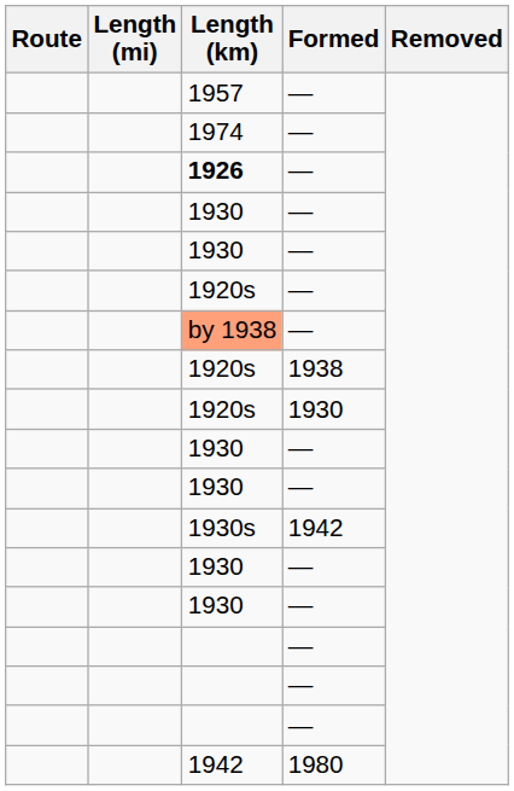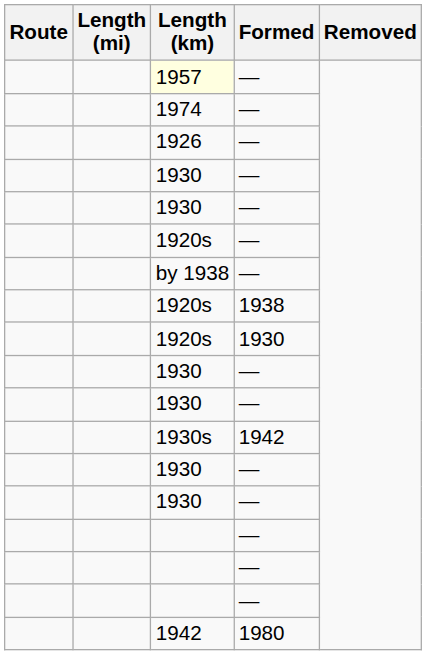 <table class="wikitable sortable">
 <tr>
 <th>Route</th>
 <th>Length<br>(mi)</th>
 <th>Length<br>(km)</th>
 <th>Formed</th>
 <th>Removed</th>
 </tr>
 <tr>
 <td></td>
 <td></td>
-<td>1957</td>
+<td style="background: lightyellow;">1957</td>
 <td>—</td>
 </tr>
 <tr>
 <td></td>
 <td></td>
 <td>1974</td>
 <td>—</td>
 </tr>
 <tr>
 <td></td>
 <td></td>
-<td><strong>1926</strong></td>
+<td>1926</td>
 <td>—</td>
 </tr>
 <tr>
 <td></td>
 <td></td>
 <td>1930</td>
 <td>—</td>
 </tr>
 <tr>
 <td></td>
 <td></td>
 <td>1930</td>
 <td>—</td>
 </tr>
 <tr>
 <td></td>
 <td></td>
 <td>1920s</td>
 <td>—</td>
 </tr>
 <tr>
 <td></td>
 <td></td>
-<td style="background: lightsalmon;">by 1938</td>
+<td>by 1938</td>
 <td>—</td>
 </tr>
 <tr>
 <td></td>
 <td></td>
 <td>1920s</td>
 <td>1938</td>
 </tr>
 <tr>
 <td></td>
 <td></td>
 <td>1920s</td>
 <td>1930</td>
 </tr>
 <tr>
 <td></td>
 <td></td>
 <td>1930</td>
 <td>—</td>
 </tr>
 <tr>
 <td></td>
 <td></td>
 <td>1930</td>
 <td>—</td>
 </tr>
 <tr>
 <td></td>
 <td></td>
 <td>1930s</td>
 <td>1942</td>
 </tr>
 <tr>
 <td></td>
 <td></td>
 <td>1930</td>
 <td>—</td>
 </tr>
 <tr>
 <td></td>
 <td></td>
 <td>1930</td>
 <td>—</td>
 </tr>
 <tr>
 <td></td>
 <td></td>
 <td></td>
 <td>—</td>
 </tr>
 <tr>
 <td></td>
 <td></td>
 <td></td>
 <td>—</td>
 </tr>
 <tr>
 <td></td>
 <td></td>
 <td></td>
 <td>—</td>
 </tr>
 <tr>
 <td></td>
 <td></td>
 <td>1942</td>
 <td>1980</td>
 </tr>
 </table>
